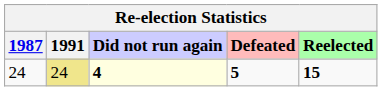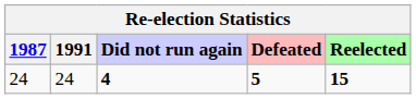 <table class=wikitable>
 <tr>
 <th colspan=5 align=center>Re-election Statistics</th>
 </tr>
 <tr>
 <th><a href='#'>1987</a></th>
 <th>1991</th>
 <td bgcolor="#ccccff"><strong>Did not run again</strong></td>
 <td bgcolor="#ffbbbb"><strong>Defeated</strong></td>
 <td bgcolor="#aaffaa"><strong>Reelected</strong></td>
 </tr>
 <tr>
 <td>24</td>
-<td style="background: khaki;">24</td>
-<td style="background: lightyellow;"><strong>4</strong></td>
+<td>24</td>
+<td><strong>4</strong></td>
 <td><strong>5</strong></td>
 <td><strong>15</strong></td>
 </tr>
 </table>
